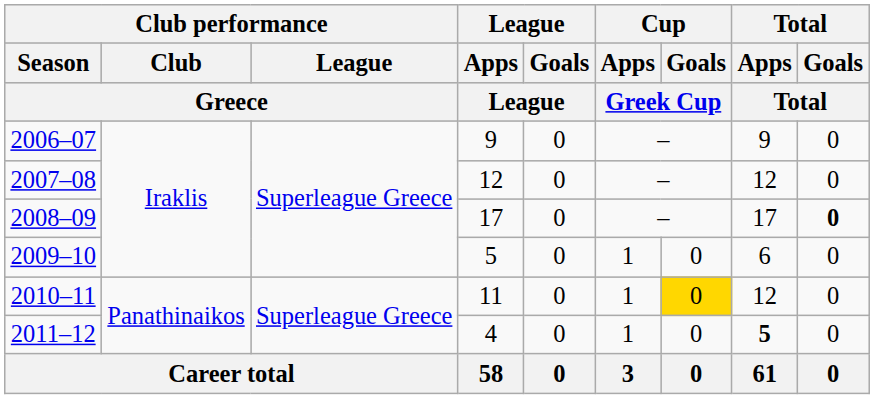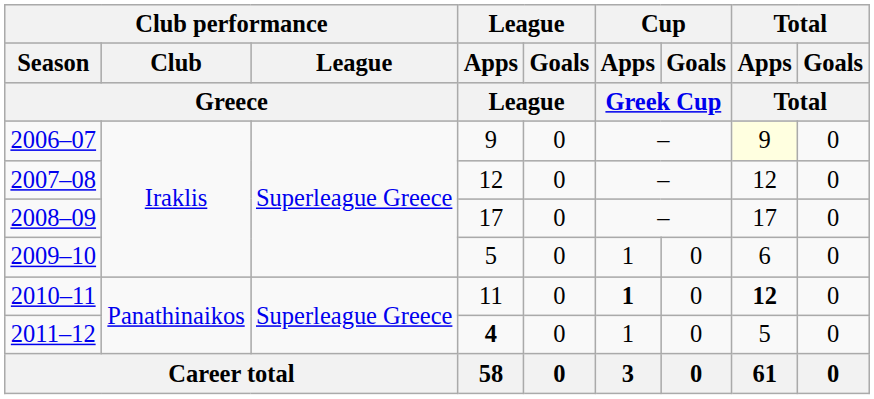 <table class="wikitable" style="text-align: center">
 <tr>
 <th colspan="3">Club performance</th>
 <th colspan="2">League</th>
 <th colspan="2">Cup</th>
 <th colspan="2">Total</th>
 </tr>
 <tr>
 <th>Season</th>
 <th>Club</th>
 <th>League</th>
 <th>Apps</th>
 <th>Goals</th>
 <th>Apps</th>
 <th>Goals</th>
 <th>Apps</th>
 <th>Goals</th>
 </tr>
 <tr>
 <th colspan="3">Greece</th>
 <th colspan="2">League</th>
 <th colspan="2"><a href='#'>Greek Cup</a></th>
 <th colspan="2">Total</th>
 </tr>
 <tr>
 <td><a href='#'>2006–07</a></td>
 <td rowspan="4"><a href='#'>Iraklis</a></td>
 <td rowspan="4"><a href='#'>Superleague Greece</a></td>
 <td>9</td>
 <td>0</td>
 <td colspan="2">–</td>
-<td>9</td>
+<td style="background: lightyellow;">9</td>
 <td>0</td>
 </tr>
 <tr>
 <td><a href='#'>2007–08</a></td>
 <td>12</td>
 <td>0</td>
 <td colspan="2">–</td>
 <td>12</td>
 <td>0</td>
 </tr>
 <tr>
 <td><a href='#'>2008–09</a></td>
 <td>17</td>
 <td>0</td>
 <td colspan="2">–</td>
 <td>17</td>
-<td><strong>0</strong></td>
+<td>0</td>
 </tr>
 <tr>
 <td><a href='#'>2009–10</a></td>
 <td>5</td>
 <td>0</td>
 <td>1</td>
 <td>0</td>
 <td>6</td>
 <td>0</td>
 </tr>
 <tr>
 <td><a href='#'>2010–11</a></td>
 <td rowspan="2"><a href='#'>Panathinaikos</a></td>
 <td rowspan="2"><a href='#'>Superleague Greece</a></td>
 <td>11</td>
 <td>0</td>
-<td>1</td>
-<td style="background: gold;">0</td>
-<td>12</td>
+<td><strong>1</strong></td>
+<td>0</td>
+<td><strong>12</strong></td>
 <td>0</td>
 </tr>
 <tr>
 <td><a href='#'>2011–12</a></td>
-<td>4</td>
+<td><strong>4</strong></td>
 <td>0</td>
 <td>1</td>
 <td>0</td>
-<td><strong>5</strong></td>
+<td>5</td>
 <td>0</td>
 </tr>
 <tr>
 <th colspan="3">Career total</th>
 <th>58</th>
 <th>0</th>
 <th>3</th>
 <th>0</th>
 <th>61</th>
 <th>0</th>
 </tr>
 </table>
